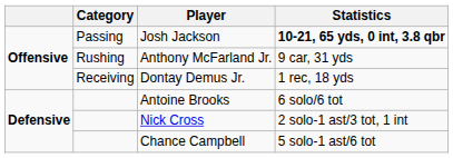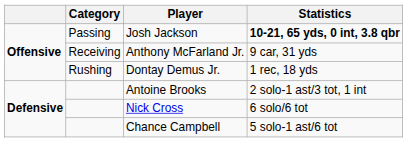 <table class="wikitable" style="float: left;">
 <tr>
 <th></th>
 <th>Category</th>
 <th>Player</th>
 <th>Statistics</th>
 </tr>
 <tr>
 <td rowspan=3><strong>Offensive</strong></td>
 <td>Passing</td>
 <td>Josh Jackson</td>
 <td><strong>10-21, 65 yds, 0 int, 3.8 qbr</strong></td>
 </tr>
 <tr>
-<td>Rushing</td>
+<td>Receiving</td>
 <td>Anthony McFarland Jr.</td>
 <td>9 car, 31 yds</td>
 </tr>
 <tr>
-<td>Receiving</td>
+<td>Rushing</td>
 <td>Dontay Demus Jr.</td>
 <td>1 rec, 18 yds</td>
 </tr>
 <tr>
 <td rowspan=3><strong>Defensive</strong></td>
 <td></td>
 <td>Antoine Brooks</td>
-<td>6 solo/6 tot</td>
+<td>2 solo-1 ast/3 tot, 1 int</td>
 </tr>
 <tr>
 <td></td>
 <td><a href='#'>Nick Cross</a></td>
-<td>2 solo-1 ast/3 tot, 1 int</td>
+<td>6 solo/6 tot</td>
 </tr>
 <tr>
 <td></td>
 <td>Chance Campbell</td>
 <td>5 solo-1 ast/6 tot</td>
 </tr>
 </table>
